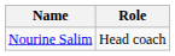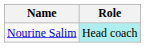 <table class="wikitable">
 <tr>
 <th>Name</th>
 <th>Role</th>
 </tr>
 <tr>
 <td> <a href='#'>Nourine Salim</a></td>
-<td>Head coach</td>
+<td style="background: paleturquoise;">Head coach</td>
 </tr>
 </table>
